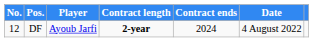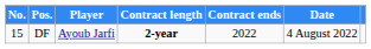 <table class= "wikitable plainrowheaders sortable">
 <tr>
 <th style="background:#3088f2; color:#ffffff; ">No.</th>
 <th style="background:#3088f2; color:#ffffff; ">Pos.</th>
 <th style="background:#3088f2; color:#ffffff; ">Player</th>
 <th style="background:#3088f2; color:#ffffff; ">Contract length</th>
 <th style="background:#3088f2; color:#ffffff; ">Contract ends</th>
 <th style="background:#3088f2; color:#ffffff; ">Date</th>
 <th style="background:#3088f2; color:#ffffff; "></th>
 </tr>
 <tr>
-<td style="text-align:center;">12</td>
+<td style="text-align:center;">15</td>
 <td style="text-align:center;">DF</td>
 <td> <a href='#'>Ayoub Jarfi</a></td>
 <td style="text-align:center;"><strong>2-year</strong></td>
-<td style="text-align:center;">2024</td>
+<td style="text-align:center;">2022</td>
 <td>4 August 2022</td>
 <td></td>
 </tr>
 </table>
